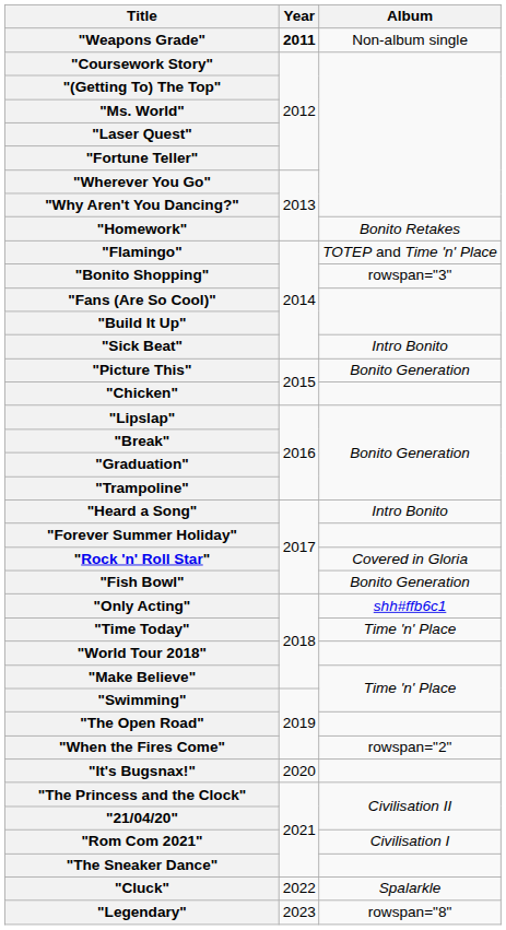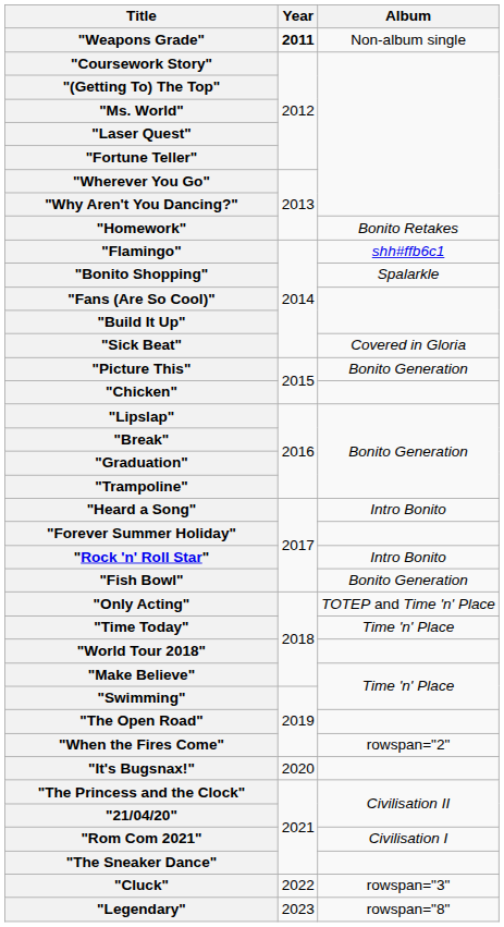 <table class="wikitable plainrowheaders" style="text-align:center;">
 <tr>
 <th scope="col" style="width:18em;">Title</th>
 <th scope="col">Year</th>
 <th scope="col">Album</th>
 </tr>
 <tr>
 <th scope="row">"Weapons Grade"</th>
 <td><strong>2011</strong></td>
 <td>Non-album single</td>
 </tr>
 <tr>
 <th scope="row">"Coursework Story"</th>
 <td rowspan="5">2012</td>
 </tr>
 <tr>
 <th scope="row">"(Getting To) The Top"</th>
 </tr>
 <tr>
 <th scope="row">"Ms. World"<br></th>
 </tr>
 <tr>
 <th scope="row">"Laser Quest"<br></th>
 </tr>
 <tr>
 <th scope="row">"Fortune Teller"</th>
 </tr>
 <tr>
 <th scope="row">"Wherever You Go"</th>
 <td rowspan="3">2013</td>
 </tr>
 <tr>
 <th scope="row">"Why Aren't You Dancing?"</th>
 </tr>
 <tr>
 <th scope="row">"Homework"</th>
 <td><em>Bonito Retakes</em></td>
 </tr>
 <tr>
 <th scope="row">"Flamingo"</th>
 <td rowspan="5">2014</td>
-<td><em>TOTEP</em> and <em>Time 'n' Place</em></td>
+<td><em><a href='#'>shh#ffb6c1</a></em></td>
 </tr>
 <tr>
 <th scope="row">"Bonito Shopping"</th>
-<td>rowspan="3" </td>
+<td><em>Spalarkle</em></td>
 </tr>
 <tr>
 <th scope="row">"Fans (Are So Cool)"</th>
 </tr>
 <tr>
 <th scope="row">"Build It Up"</th>
 </tr>
 <tr>
 <th scope="row">"Sick Beat"</th>
-<td><em>Intro Bonito</em></td>
+<td><em>Covered in Gloria</em></td>
 </tr>
 <tr>
 <th scope="row">"Picture This"</th>
 <td rowspan="2">2015</td>
 <td><em>Bonito Generation</em></td>
 </tr>
 <tr>
 <th scope="row">"Chicken"</th>
 <td></td>
 </tr>
 <tr>
 <th scope="row">"Lipslap"</th>
 <td rowspan="4">2016</td>
 <td rowspan="4"><em>Bonito Generation</em></td>
 </tr>
 <tr>
 <th scope="row">"Break"</th>
 </tr>
 <tr>
 <th scope="row">"Graduation"</th>
 </tr>
 <tr>
 <th scope="row">"Trampoline"</th>
 </tr>
 <tr>
 <th scope="row">"Heard a Song"<br></th>
 <td rowspan="4">2017</td>
 <td><em>Intro Bonito</em></td>
 </tr>
 <tr>
 <th scope="row">"Forever Summer Holiday"</th>
 <td></td>
 </tr>
 <tr>
 <th scope="row">"<a href='#'>Rock 'n' Roll Star</a>"</th>
-<td><em>Covered in Gloria</em></td>
+<td><em>Intro Bonito</em></td>
 </tr>
 <tr>
 <th scope="row">"Fish Bowl"</th>
 <td><em>Bonito Generation</em></td>
 </tr>
 <tr>
 <th scope="row">"Only Acting"</th>
 <td rowspan="4">2018</td>
-<td><em><a href='#'>shh#ffb6c1</a></em></td>
+<td><em>TOTEP</em> and <em>Time 'n' Place</em></td>
 </tr>
 <tr>
 <th scope="row">"Time Today"</th>
 <td><em>Time 'n' Place</em></td>
 </tr>
 <tr>
 <th scope="row">"World Tour 2018"</th>
 <td></td>
 </tr>
 <tr>
 <th scope="row">"Make Believe"</th>
 <td rowspan="2"><em>Time 'n' Place</em></td>
 </tr>
 <tr>
 <th scope="row">"Swimming"</th>
 <td rowspan="3">2019</td>
 </tr>
 <tr>
 <th scope="row">"The Open Road"</th>
 <td></td>
 </tr>
 <tr>
 <th scope="row">"When the Fires Come"</th>
 <td>rowspan="2" </td>
 </tr>
 <tr>
 <th scope="row">"It's Bugsnax!"</th>
 <td>2020</td>
 <td></td>
 </tr>
 <tr>
 <th scope="row">"The Princess and the Clock"</th>
 <td rowspan="4">2021</td>
 <td rowspan="2"><em>Civilisation II</em></td>
 </tr>
 <tr>
 <th scope="row">"21/04/20"</th>
 </tr>
 <tr>
 <th scope="row">"Rom Com 2021"<br></th>
 <td><em>Civilisation I</em></td>
 </tr>
 <tr>
 <th scope="row">"The Sneaker Dance"</th>
 </tr>
 <tr>
 <th scope="row">"Cluck"<br></th>
 <td>2022</td>
-<td><em>Spalarkle</em></td>
+<td>rowspan="3" </td>
 </tr>
 <tr>
 <th scope="row">"Legendary"</th>
 <td>2023</td>
 <td>rowspan="8" </td>
 </tr>
 </table>
